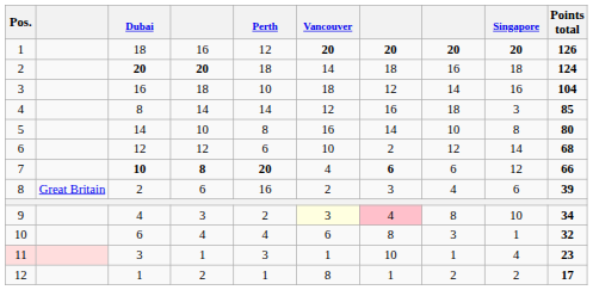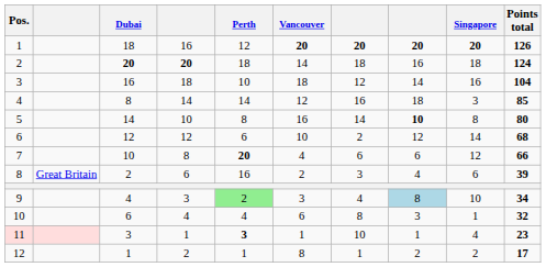 <table class="wikitable sortable" style="text-align:center;">
 <tr bgcolor="#efefef">
 <th style="width:2em;">Pos.</th>
 <th></th>
 <th style="width:5.2em;;font-size:85%;vertical-align:top;padding-left:4px;;padding-right:4px;;"><br><a href='#'>Dubai</a></th>
 <th style="width:5.2em;;font-size:85%;vertical-align:top;padding-left:4px;;padding-right:4px;;"><br></th>
 <th style="width:5.2em;;font-size:85%;vertical-align:top;padding-left:4px;;padding-right:4px;;"><br><a href='#'>Perth</a></th>
 <th style="width:5.2em;;font-size:85%;vertical-align:top;padding-left:4px;;padding-right:4px;;"><br><a href='#'>Vancouver</a></th>
 <th style="width:5.2em;;font-size:85%;vertical-align:top;padding-left:4px;;padding-right:4px;;"><br></th>
 <th style="width:5.2em;;font-size:85%;vertical-align:top;padding-left:4px;;padding-right:4px;;"><br></th>
 <th style="width:5.2em;;font-size:85%;vertical-align:top;padding-left:4px;;padding-right:4px;;"><br><a href='#'>Singapore</a></th>
 <th>Points<br>total</th>
 </tr>
 <tr>
 <td>1</td>
 <td align="left"></td>
 <td>18</td>
 <td>16</td>
 <td>12</td>
 <td><strong>20</strong></td>
 <td><strong>20</strong></td>
 <td><strong>20</strong></td>
 <td><strong>20</strong></td>
 <td><strong>126</strong></td>
 </tr>
 <tr>
 <td>2</td>
 <td align="left"></td>
 <td><strong>20</strong></td>
 <td><strong>20</strong></td>
 <td>18</td>
 <td>14</td>
 <td>18</td>
 <td>16</td>
 <td>18</td>
 <td><strong>124</strong></td>
 </tr>
 <tr>
 <td>3</td>
 <td align="left"></td>
 <td>16</td>
 <td>18</td>
 <td>10</td>
 <td>18</td>
 <td>12</td>
 <td>14</td>
 <td>16</td>
 <td><strong>104</strong></td>
 </tr>
 <tr>
 <td>4</td>
 <td align="left"></td>
 <td>8</td>
 <td>14</td>
 <td>14</td>
 <td>12</td>
 <td>16</td>
 <td>18</td>
 <td>3</td>
 <td><strong>85</strong></td>
 </tr>
 <tr>
 <td>5</td>
 <td align="left"></td>
 <td>14</td>
 <td>10</td>
 <td>8</td>
 <td>16</td>
 <td>14</td>
-<td>10</td>
+<td><strong>10</strong></td>
 <td>8</td>
 <td><strong>80</strong></td>
 </tr>
 <tr>
 <td>6</td>
 <td align="left"></td>
 <td>12</td>
 <td>12</td>
 <td>6</td>
 <td>10</td>
 <td>2</td>
 <td>12</td>
 <td>14</td>
 <td><strong>68</strong></td>
 </tr>
 <tr>
 <td>7</td>
 <td align="left"></td>
-<td><strong>10</strong></td>
-<td><strong>8</strong></td>
+<td>10</td>
+<td>8</td>
 <td><strong>20</strong></td>
 <td>4</td>
-<td><strong>6</strong></td>
+<td>6</td>
 <td>6</td>
 <td>12</td>
 <td><strong>66</strong></td>
 </tr>
 <tr>
 <td>8</td>
 <td align="left"> <a href='#'>Great Britain</a></td>
 <td>2</td>
 <td>6</td>
 <td>16</td>
 <td>2</td>
 <td>3</td>
 <td>4</td>
 <td>6</td>
 <td><strong>39</strong></td>
 </tr>
 <tr>
 <th colspan="10"></th>
 </tr>
 <tr>
 <td>9</td>
 <td align="left"></td>
 <td>4</td>
 <td>3</td>
-<td>2</td>
-<td style="background: lightyellow;">3</td>
-<td style="background: pink;">4</td>
-<td>8</td>
+<td style="background: lightgreen;">2</td>
+<td>3</td>
+<td>4</td>
+<td style="background: lightblue;">8</td>
 <td>10</td>
 <td><strong>34</strong></td>
 </tr>
 <tr>
 <td>10</td>
 <td align="left"></td>
 <td>6</td>
 <td>4</td>
 <td>4</td>
 <td>6</td>
 <td>8</td>
 <td>3</td>
 <td>1</td>
 <td><strong>32</strong></td>
 </tr>
 <tr>
 <td style="background:#fdd;">11</td>
 <td style="background:#fdd;" align=left></td>
 <td>3</td>
 <td>1</td>
-<td>3</td>
+<td><strong>3</strong></td>
 <td>1</td>
 <td>10</td>
 <td>1</td>
 <td>4</td>
 <td><strong>23</strong></td>
 </tr>
 <tr>
 <td>12</td>
 <td align="left"></td>
 <td>1</td>
 <td>2</td>
 <td>1</td>
 <td>8</td>
 <td>1</td>
 <td>2</td>
 <td>2</td>
 <td><strong>17</strong></td>
 </tr>
 </table>
